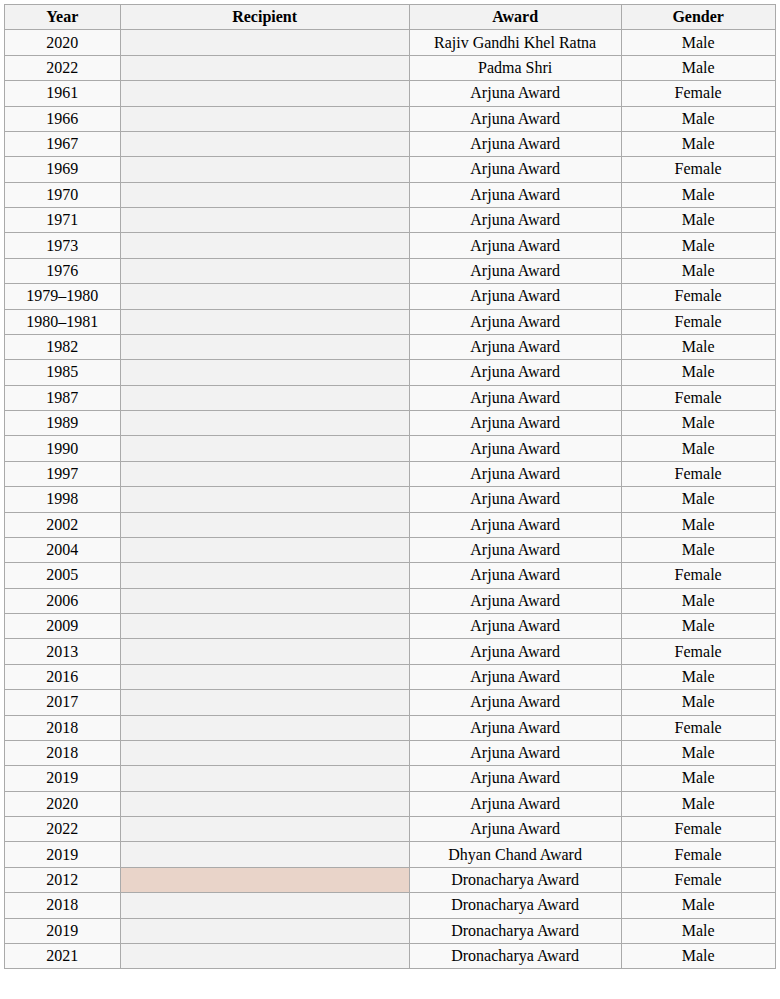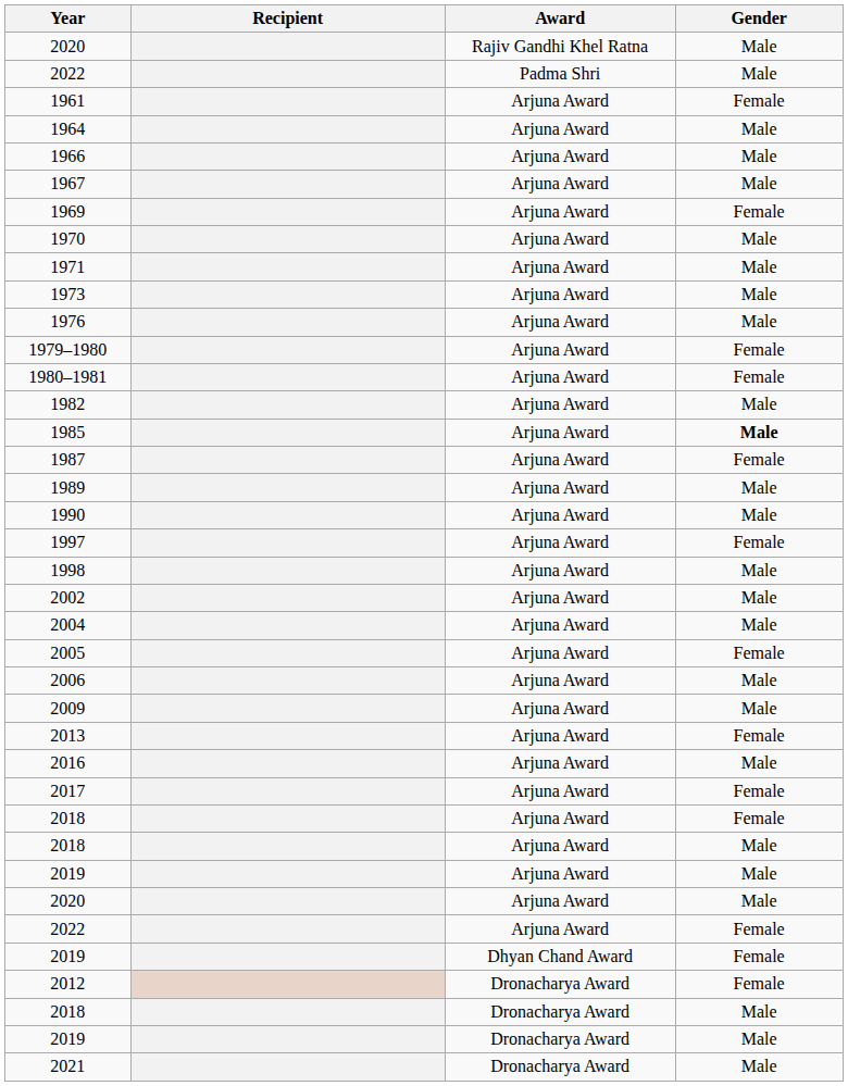 <table class="wikitable sortable" style="text-align:center;">
 <tr>
 <th scope="col" style="width:12%">Year</th>
 <th scope="col" style="width:30%">Recipient</th>
 <th scope="col" style="width:22%">Award</th>
 <th scope="col" style="width:16%">Gender</th>
 </tr>
 <tr>
 <td style="text-align:center;">2020</td>
 <th scope="row"></th>
 <td>Rajiv Gandhi Khel Ratna</td>
 <td>Male</td>
 </tr>
 <tr>
 <td style="text-align:center;">2022</td>
 <th scope="row"></th>
 <td>Padma Shri</td>
 <td>Male</td>
 </tr>
 <tr>
 <td style="text-align:center;">1961</td>
 <th scope="row"></th>
 <td>Arjuna Award</td>
 <td>Female</td>
+</tr>
+<tr>
+<td style="text-align:center;">1964</td>
+<th scope="row"></th>
+<td>Arjuna Award</td>
+<td>Male</td>
 </tr>
 <tr>
 <td style="text-align:center;">1966</td>
 <th scope="row"></th>
 <td>Arjuna Award</td>
 <td>Male</td>
 </tr>
 <tr>
 <td style="text-align:center;">1967</td>
 <th scope="row"></th>
 <td>Arjuna Award</td>
 <td>Male</td>
 </tr>
 <tr>
 <td style="text-align:center;">1969</td>
 <th scope="row"></th>
 <td>Arjuna Award</td>
 <td>Female</td>
 </tr>
 <tr>
 <td style="text-align:center;">1970</td>
 <th scope="row"></th>
 <td>Arjuna Award</td>
 <td>Male</td>
 </tr>
 <tr>
 <td style="text-align:center;">1971</td>
 <th scope="row"></th>
 <td>Arjuna Award</td>
 <td>Male</td>
 </tr>
 <tr>
 <td style="text-align:center;">1973</td>
 <th scope="row"></th>
 <td>Arjuna Award</td>
 <td>Male</td>
 </tr>
 <tr>
 <td style="text-align:center;">1976</td>
 <th scope="row"></th>
 <td>Arjuna Award</td>
 <td>Male</td>
 </tr>
 <tr>
 <td style="text-align:center;">1979–1980</td>
 <th scope="row"></th>
 <td>Arjuna Award</td>
 <td>Female</td>
 </tr>
 <tr>
 <td style="text-align:center;">1980–1981</td>
 <th scope="row"></th>
 <td>Arjuna Award</td>
 <td>Female</td>
 </tr>
 <tr>
 <td style="text-align:center;">1982</td>
 <th scope="row"></th>
 <td>Arjuna Award</td>
 <td>Male</td>
 </tr>
 <tr>
 <td style="text-align:center;">1985</td>
 <th scope="row"></th>
 <td>Arjuna Award</td>
-<td>Male</td>
+<td><strong>Male</strong></td>
 </tr>
 <tr>
 <td style="text-align:center;">1987</td>
 <th scope="row"></th>
 <td>Arjuna Award</td>
 <td>Female</td>
 </tr>
 <tr>
 <td style="text-align:center;">1989</td>
 <th scope="row"></th>
 <td>Arjuna Award</td>
 <td>Male</td>
 </tr>
 <tr>
 <td style="text-align:center;">1990</td>
 <th scope="row"></th>
 <td>Arjuna Award</td>
 <td>Male</td>
 </tr>
 <tr>
 <td style="text-align:center;">1997</td>
 <th scope="row"></th>
 <td>Arjuna Award</td>
 <td>Female</td>
 </tr>
 <tr>
 <td style="text-align:center;">1998</td>
 <th scope="row"></th>
 <td>Arjuna Award</td>
 <td>Male</td>
 </tr>
 <tr>
 <td style="text-align:center;">2002</td>
 <th scope="row"></th>
 <td>Arjuna Award</td>
 <td>Male</td>
 </tr>
 <tr>
 <td style="text-align:center;">2004</td>
 <th scope="row"></th>
 <td>Arjuna Award</td>
 <td>Male</td>
 </tr>
 <tr>
 <td style="text-align:center;">2005</td>
 <th scope="row"></th>
 <td>Arjuna Award</td>
 <td>Female</td>
 </tr>
 <tr>
 <td style="text-align:center;">2006</td>
 <th scope="row"></th>
 <td>Arjuna Award</td>
 <td>Male</td>
 </tr>
 <tr>
 <td style="text-align:center;">2009</td>
 <th scope="row"></th>
 <td>Arjuna Award</td>
 <td>Male</td>
 </tr>
 <tr>
 <td style="text-align:center;">2013</td>
 <th scope="row"></th>
 <td>Arjuna Award</td>
 <td>Female</td>
 </tr>
 <tr>
 <td style="text-align:center;">2016</td>
 <th scope="row"></th>
 <td>Arjuna Award</td>
 <td>Male</td>
 </tr>
 <tr>
 <td style="text-align:center;">2017</td>
 <th scope="row"></th>
 <td>Arjuna Award</td>
-<td>Male</td>
+<td>Female</td>
 </tr>
 <tr>
 <td style="text-align:center;">2018</td>
 <th scope="row"></th>
 <td>Arjuna Award</td>
 <td>Female</td>
 </tr>
 <tr>
 <td style="text-align:center;">2018</td>
 <th scope="row"></th>
 <td>Arjuna Award</td>
 <td>Male</td>
 </tr>
 <tr>
 <td style="text-align:center;">2019</td>
 <th scope="row"></th>
 <td>Arjuna Award</td>
 <td>Male</td>
 </tr>
 <tr>
 <td style="text-align:center;">2020</td>
 <th scope="row"></th>
 <td>Arjuna Award</td>
 <td>Male</td>
 </tr>
 <tr>
 <td style="text-align:center;">2022</td>
 <th scope="row"></th>
 <td>Arjuna Award</td>
 <td>Female</td>
 </tr>
 <tr>
 <td style="text-align:center;">2019</td>
 <th scope="row"></th>
 <td>Dhyan Chand Award</td>
 <td>Female</td>
 </tr>
 <tr>
 <td style="text-align:center;">2012</td>
 <th scope="row" style="background-color:#E9D4C9"> </th>
 <td>Dronacharya Award</td>
 <td>Female</td>
 </tr>
 <tr>
 <td style="text-align:center;">2018</td>
 <th scope="row"></th>
 <td>Dronacharya Award</td>
 <td>Male</td>
 </tr>
 <tr>
 <td style="text-align:center;">2019</td>
 <th scope="row"></th>
 <td>Dronacharya Award</td>
 <td>Male</td>
 </tr>
 <tr>
 <td style="text-align:center;">2021</td>
 <th scope="row"></th>
 <td>Dronacharya Award</td>
 <td>Male</td>
 </tr>
 </table>
